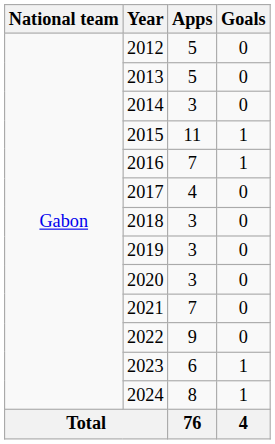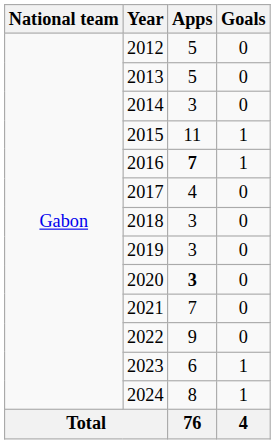 <table class=wikitable style=text-align:center>
 <tr>
 <th>National team</th>
 <th>Year</th>
 <th>Apps</th>
 <th>Goals</th>
 </tr>
 <tr>
 <td rowspan="13"><a href='#'>Gabon</a></td>
 <td>2012</td>
 <td>5</td>
 <td>0</td>
 </tr>
 <tr>
 <td>2013</td>
 <td>5</td>
 <td>0</td>
 </tr>
 <tr>
 <td>2014</td>
 <td>3</td>
 <td>0</td>
 </tr>
 <tr>
 <td>2015</td>
 <td>11</td>
 <td>1</td>
 </tr>
 <tr>
 <td>2016</td>
-<td>7</td>
+<td><strong>7</strong></td>
 <td>1</td>
 </tr>
 <tr>
 <td>2017</td>
 <td>4</td>
 <td>0</td>
 </tr>
 <tr>
 <td>2018</td>
 <td>3</td>
 <td>0</td>
 </tr>
 <tr>
 <td>2019</td>
 <td>3</td>
 <td>0</td>
 </tr>
 <tr>
 <td>2020</td>
-<td>3</td>
+<td><strong>3</strong></td>
 <td>0</td>
 </tr>
 <tr>
 <td>2021</td>
 <td>7</td>
 <td>0</td>
 </tr>
 <tr>
 <td>2022</td>
 <td>9</td>
 <td>0</td>
 </tr>
 <tr>
 <td>2023</td>
 <td>6</td>
 <td>1</td>
 </tr>
 <tr>
 <td>2024</td>
 <td>8</td>
 <td>1</td>
 </tr>
 <tr>
 <th colspan="2">Total</th>
 <th>76</th>
 <th>4</th>
 </tr>
 </table>
